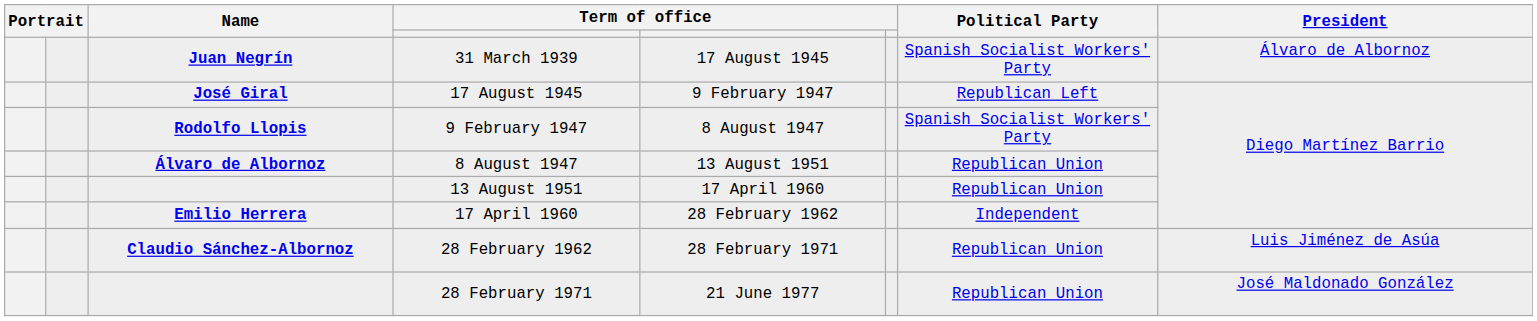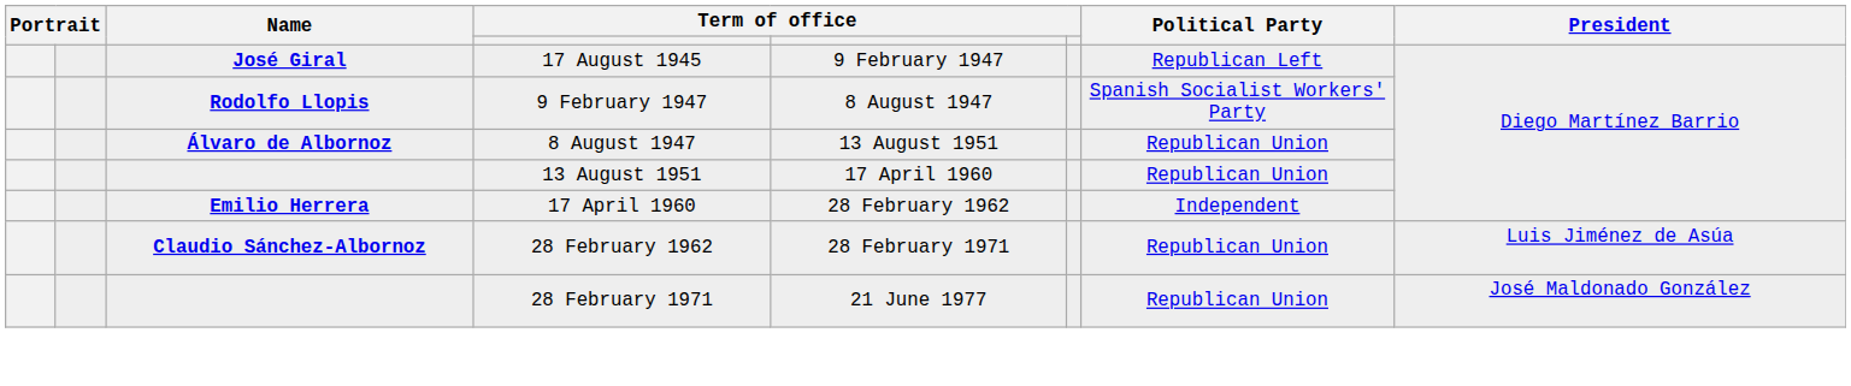 <table class="wikitable" style="text-align:center; width:100%; border:1px #aaf solid;">
 <tr>
 <th style="width:5%;" rowspan="2" colspan="2">Portrait</th>
 <th style="width:20%;" rowspan="2">Name<br></th>
 <th style="width:33%;" colspan="3">Term of office</th>
 <th style="width:17%;" rowspan="2">Political Party</th>
 <th style="width:80px;" rowspan="2"><a href='#'>President</a><br></th>
 </tr>
 <tr>
 <th></th>
 <th></th>
 <th></th>
-</tr>
-<tr style="background:#eee;">
-<th style="background:"></th>
-<td></td>
-<td><strong><a href='#'>Juan Negrín</a></strong><br></td>
-<td>31 March 1939</td>
-<td>17 August 1945</td>
-<td></td>
-<td><a href='#'>Spanish Socialist Workers' Party</a></td>
-<td><a href='#'>Álvaro de Albornoz</a><br><br></td>
 </tr>
 <tr style="background:#eee;">
 <th style="background:"></th>
 <td></td>
 <td><strong><a href='#'>José Giral</a></strong><br></td>
 <td>17 August 1945</td>
 <td>9 February 1947</td>
 <td></td>
 <td><a href='#'>Republican Left</a></td>
 <td rowspan=5><a href='#'>Diego Martínez Barrio</a><br><br></td>
 </tr>
 <tr style="background:#eee;">
 <th style="background:"></th>
 <td></td>
 <td><strong><a href='#'>Rodolfo Llopis</a></strong><br></td>
 <td>9 February 1947</td>
 <td>8 August 1947</td>
 <td></td>
 <td><a href='#'>Spanish Socialist Workers' Party</a></td>
 </tr>
 <tr style="background:#eee;">
 <th style="background:"></th>
 <td></td>
 <td><strong><a href='#'>Álvaro de Albornoz</a></strong><br></td>
 <td>8 August 1947</td>
 <td>13 August 1951</td>
 <td></td>
 <td><a href='#'>Republican Union</a></td>
 </tr>
 <tr style="background:#eee;">
 <th style="background:"></th>
 <td></td>
 <td><strong></strong><br></td>
 <td>13 August 1951</td>
 <td>17 April 1960</td>
 <td></td>
 <td><a href='#'>Republican Union</a></td>
 </tr>
 <tr style="background:#eee;">
 <th style="background:"></th>
 <td></td>
 <td><strong><a href='#'>Emilio Herrera</a> </strong><br></td>
 <td>17 April 1960</td>
 <td>28 February 1962</td>
 <td></td>
 <td><a href='#'>Independent</a></td>
 </tr>
 <tr style="background:#eee;">
 <th style="background:"></th>
 <td></td>
 <td><strong><a href='#'>Claudio Sánchez-Albornoz</a></strong><br></td>
 <td>28 February 1962</td>
 <td>28 February 1971</td>
 <td></td>
 <td><a href='#'>Republican Union</a></td>
 <td><a href='#'>Luis Jiménez de Asúa</a><br><br></td>
 </tr>
 <tr style="background:#eee;">
 <th style="background:"></th>
 <td></td>
 <td><strong></strong><br></td>
 <td>28 February 1971</td>
 <td>21 June 1977</td>
 <td></td>
 <td><a href='#'>Republican Union</a></td>
 <td><a href='#'>José Maldonado González</a><br><br></td>
 </tr>
 </table>
